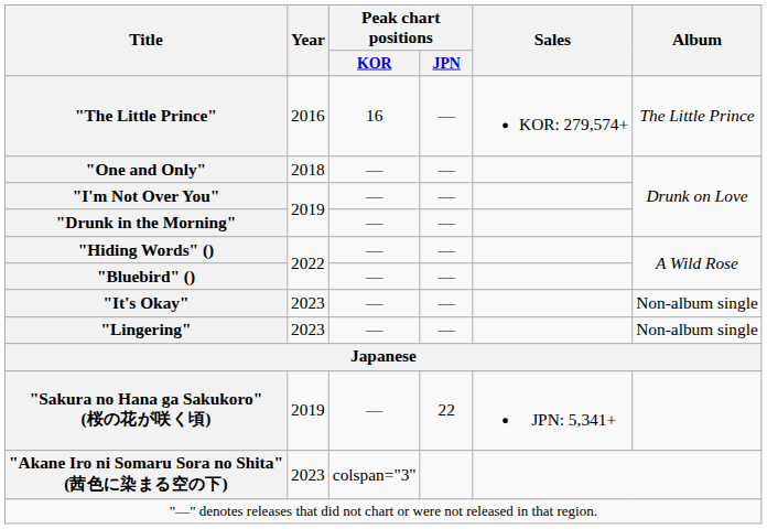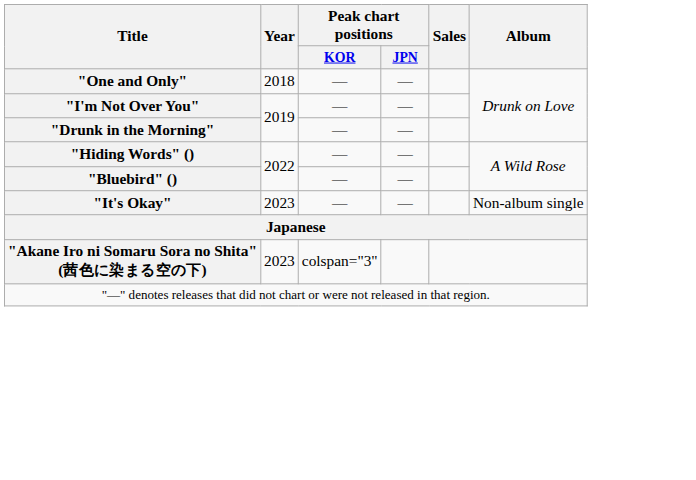 <table class="wikitable plainrowheaders" style="text-align:center;">
 <tr>
 <th scope="col" rowspan="2">Title</th>
 <th scope="col" rowspan="2">Year</th>
 <th scope="col" colspan="2">Peak chart positions</th>
 <th scope="col" rowspan="2">Sales<br></th>
 <th scope="col" rowspan="2">Album</th>
 </tr>
 <tr>
 <th style="width:3em;font-size:90%;"><a href='#'>KOR</a><br></th>
 <th style="width:3em;font-size:90%;"><a href='#'>JPN</a><br></th>
-</tr>
-<tr>
-<th scope="row">"The Little Prince"</th>
-<td>2016</td>
-<td>16</td>
-<td>—</td>
-<td><br><ul><li>KOR: 279,574+</li></ul></td>
-<td><em>The Little Prince</em></td>
 </tr>
 <tr>
 <th scope="row">"One and Only"</th>
 <td>2018</td>
 <td>—</td>
 <td>—</td>
 <td></td>
 <td rowspan="3"><em>Drunk on Love</em></td>
 </tr>
 <tr>
 <th scope=row>"I'm Not Over You"</th>
 <td rowspan="2">2019</td>
 <td>—</td>
 <td>—</td>
 <td></td>
 </tr>
 <tr>
 <th scope=row>"Drunk in the Morning"</th>
 <td>—</td>
 <td>—</td>
 <td></td>
 </tr>
 <tr>
 <th scope=row>"Hiding Words" ()</th>
 <td rowspan="2">2022</td>
 <td>—</td>
 <td>—</td>
 <td></td>
 <td rowspan="2"><em>A Wild Rose</em></td>
 </tr>
 <tr>
 <th scope=row>"Bluebird" ()</th>
 <td>—</td>
 <td>—</td>
 <td></td>
 </tr>
 <tr>
 <th scope=row>"It's Okay"</th>
 <td>2023</td>
 <td>—</td>
 <td>—</td>
 <td></td>
 <td>Non-album single</td>
 </tr>
 <tr>
-<th scope=row>"Lingering"</th>
-<td>2023</td>
-<td>—</td>
-<td>—</td>
-<td></td>
-<td>Non-album single</td>
-</tr>
-<tr>
 <th colspan="6">Japanese</th>
-</tr>
-<tr>
-<th scope="row">"Sakura no Hana ga Sakukoro"<br>(桜の花が咲く頃)</th>
-<td>2019</td>
-<td>—</td>
-<td>22</td>
-<td><br><ul><li>JPN: 5,341+</li></ul></td>
-<td></td>
 </tr>
 <tr>
 <th scope="row">"Akane Iro ni Somaru Sora no Shita"<br>(茜色に染まる空の下)</th>
 <td>2023</td>
 <td>colspan="3" </td>
 <td></td>
 </tr>
 <tr>
 <td colspan="6" style="font-size:85%">"—" denotes releases that did not chart or were not released in that region.</td>
 </tr>
 </table>
